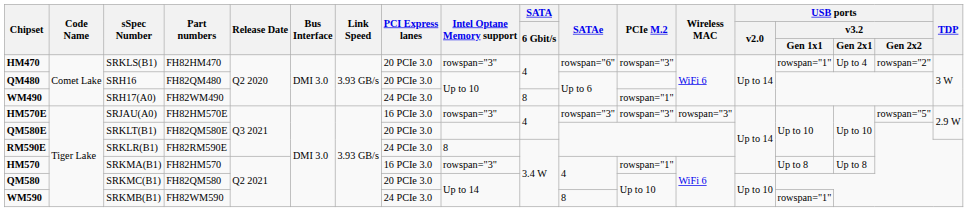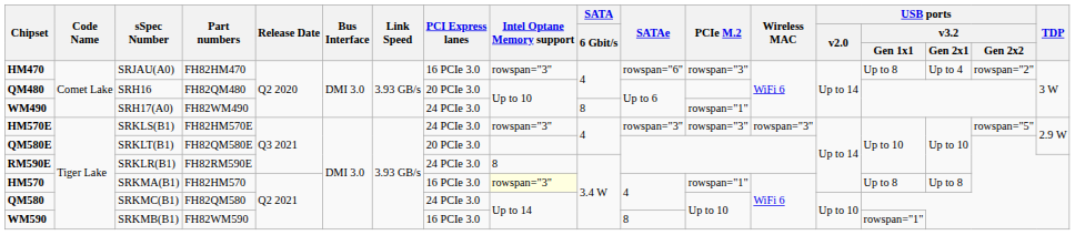 <table class="wikitable" style="font-size: 90%;">
 <tr>
 <th rowspan="3">Chipset</th>
 <th rowspan="3">Code<br>Name</th>
 <th rowspan="3">sSpec<br>Number</th>
 <th rowspan="3">Part<br>numbers</th>
 <th rowspan="3">Release Date</th>
 <th rowspan="3">Bus<br>Interface</th>
 <th rowspan="3">Link<br>Speed</th>
 <th rowspan="3"><a href='#'>PCI Express</a><br>lanes</th>
 <th rowspan="3"><a href='#'>Intel Optane<br>Memory</a> support</th>
 <th><a href='#'>SATA</a></th>
 <th rowspan="3"><a href='#'>SATAe</a></th>
 <th rowspan="3">PCIe <a href='#'>M.2</a></th>
 <th rowspan="3">Wireless<br>MAC</th>
 <th colspan="4"><a href='#'>USB</a> ports</th>
 <th rowspan="3"><a href='#'>TDP</a></th>
 </tr>
 <tr>
 <th rowspan="2">6 Gbit/s</th>
 <th rowspan="2">v2.0</th>
 <th colspan="3">v3.2</th>
 </tr>
 <tr>
 <th>Gen 1x1</th>
 <th>Gen 2x1</th>
 <th>Gen 2x2</th>
 </tr>
 <tr>
 <td><strong>HM470</strong></td>
 <td rowspan="3">Comet Lake</td>
-<td>SRKLS(B1)</td>
+<td>SRJAU(A0)</td>
 <td>FH82HM470</td>
 <td rowspan="3">Q2 2020</td>
 <td rowspan="3">DMI 3.0</td>
 <td rowspan="3">3.93 GB/s</td>
-<td>20 PCIe 3.0</td>
+<td>16 PCIe 3.0</td>
 <td>rowspan="3" </td>
 <td rowspan="2">4</td>
 <td>rowspan="6" </td>
 <td>rowspan="3" </td>
 <td rowspan="3"><a href='#'>WiFi 6</a></td>
 <td rowspan="3">Up to 14</td>
-<td>rowspan="1" </td>
+<td>Up to 8</td>
 <td>Up to 4</td>
 <td>rowspan="2" </td>
 <td rowspan="3">3 W</td>
 </tr>
 <tr>
 <td><strong>QM480</strong></td>
 <td>SRH16</td>
 <td>FH82QM480</td>
 <td>20 PCIe 3.0</td>
 <td rowspan="2">Up to 10</td>
 <td rowspan="2">Up to 6</td>
 </tr>
 <tr>
 <td><strong>WM490</strong></td>
 <td>SRH17(A0)</td>
 <td>FH82WM490</td>
 <td rowspan="1">24 PCIe 3.0</td>
 <td rowspan="1">8</td>
 <td>rowspan="1" </td>
 </tr>
 <tr>
 <td><strong>HM570E</strong></td>
 <td rowspan="6">Tiger Lake</td>
-<td>SRJAU(A0)</td>
+<td>SRKLS(B1)</td>
 <td>FH82HM570E</td>
 <td rowspan="3">Q3 2021</td>
 <td rowspan="6">DMI 3.0</td>
 <td rowspan="6">3.93 GB/s</td>
-<td>16 PCIe 3.0</td>
+<td>24 PCIe 3.0</td>
 <td>rowspan="3" </td>
 <td rowspan="2">4</td>
 <td>rowspan="3" </td>
 <td>rowspan="3" </td>
 <td>rowspan="3" </td>
 <td rowspan="4">Up to 14</td>
 <td rowspan="3">Up to 10</td>
 <td rowspan="3">Up to 10</td>
 <td>rowspan="5" </td>
 <td rowspan="2">2.9 W</td>
 </tr>
 <tr>
 <td><strong>QM580E</strong></td>
 <td>SRKLT(B1)</td>
 <td>FH82QM580E</td>
 <td>20 PCIe 3.0</td>
 </tr>
 <tr>
 <td><strong>RM590E</strong></td>
 <td>SRKLR(B1)</td>
 <td>FH82RM590E</td>
 <td>24 PCIe 3.0</td>
 <td>8</td>
 <td rowspan="4">3.4 W</td>
 </tr>
 <tr>
 <td><strong>HM570</strong></td>
 <td>SRKMA(B1)</td>
 <td>FH82HM570</td>
 <td rowspan="3">Q2 2021</td>
 <td>16 PCIe 3.0</td>
-<td>rowspan="3" </td>
+<td style="background: lightyellow;">rowspan="3" </td>
 <td rowspan="2">4</td>
 <td>rowspan="1" </td>
 <td rowspan="3"><a href='#'>WiFi 6</a></td>
 <td>Up to 8</td>
 <td>Up to 8</td>
 </tr>
 <tr>
 <td><strong>QM580</strong></td>
 <td>SRKMC(B1)</td>
 <td>FH82QM580</td>
-<td>20 PCIe 3.0</td>
+<td>24 PCIe 3.0</td>
 <td rowspan="2">Up to 14</td>
 <td rowspan="2">Up to 10</td>
 <td rowspan="2">Up to 10</td>
 </tr>
 <tr>
 <td><strong>WM590</strong></td>
 <td>SRKMB(B1)</td>
 <td>FH82WM590</td>
-<td>24 PCIe 3.0</td>
+<td>16 PCIe 3.0</td>
 <td rowspan="1">8</td>
 <td>rowspan="1" </td>
 </tr>
 </table>
